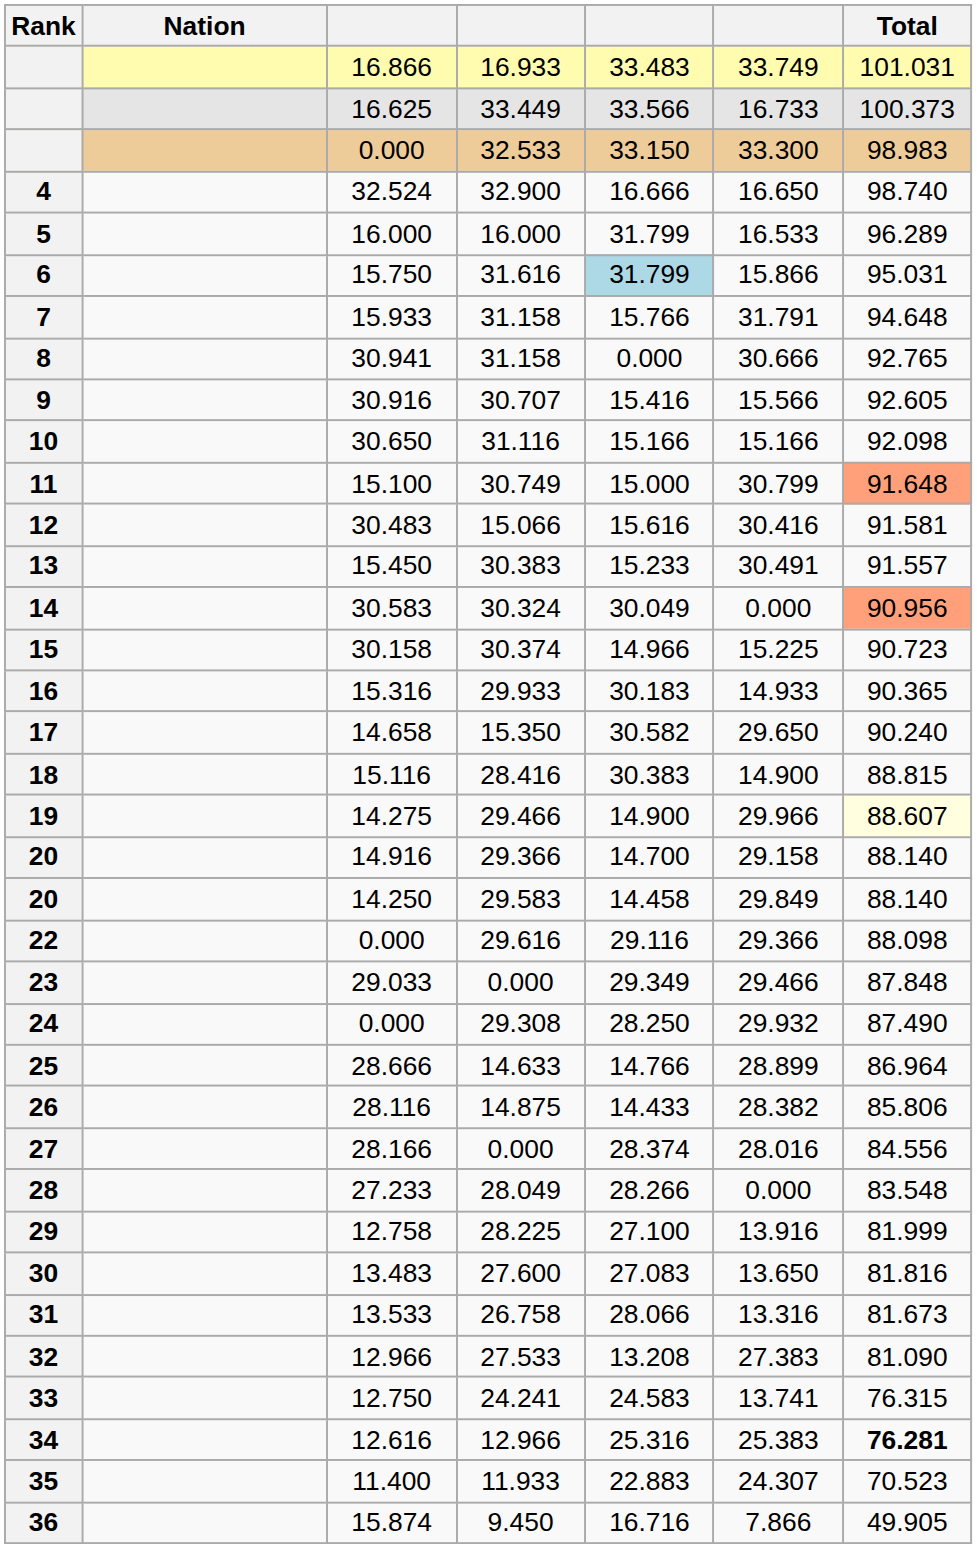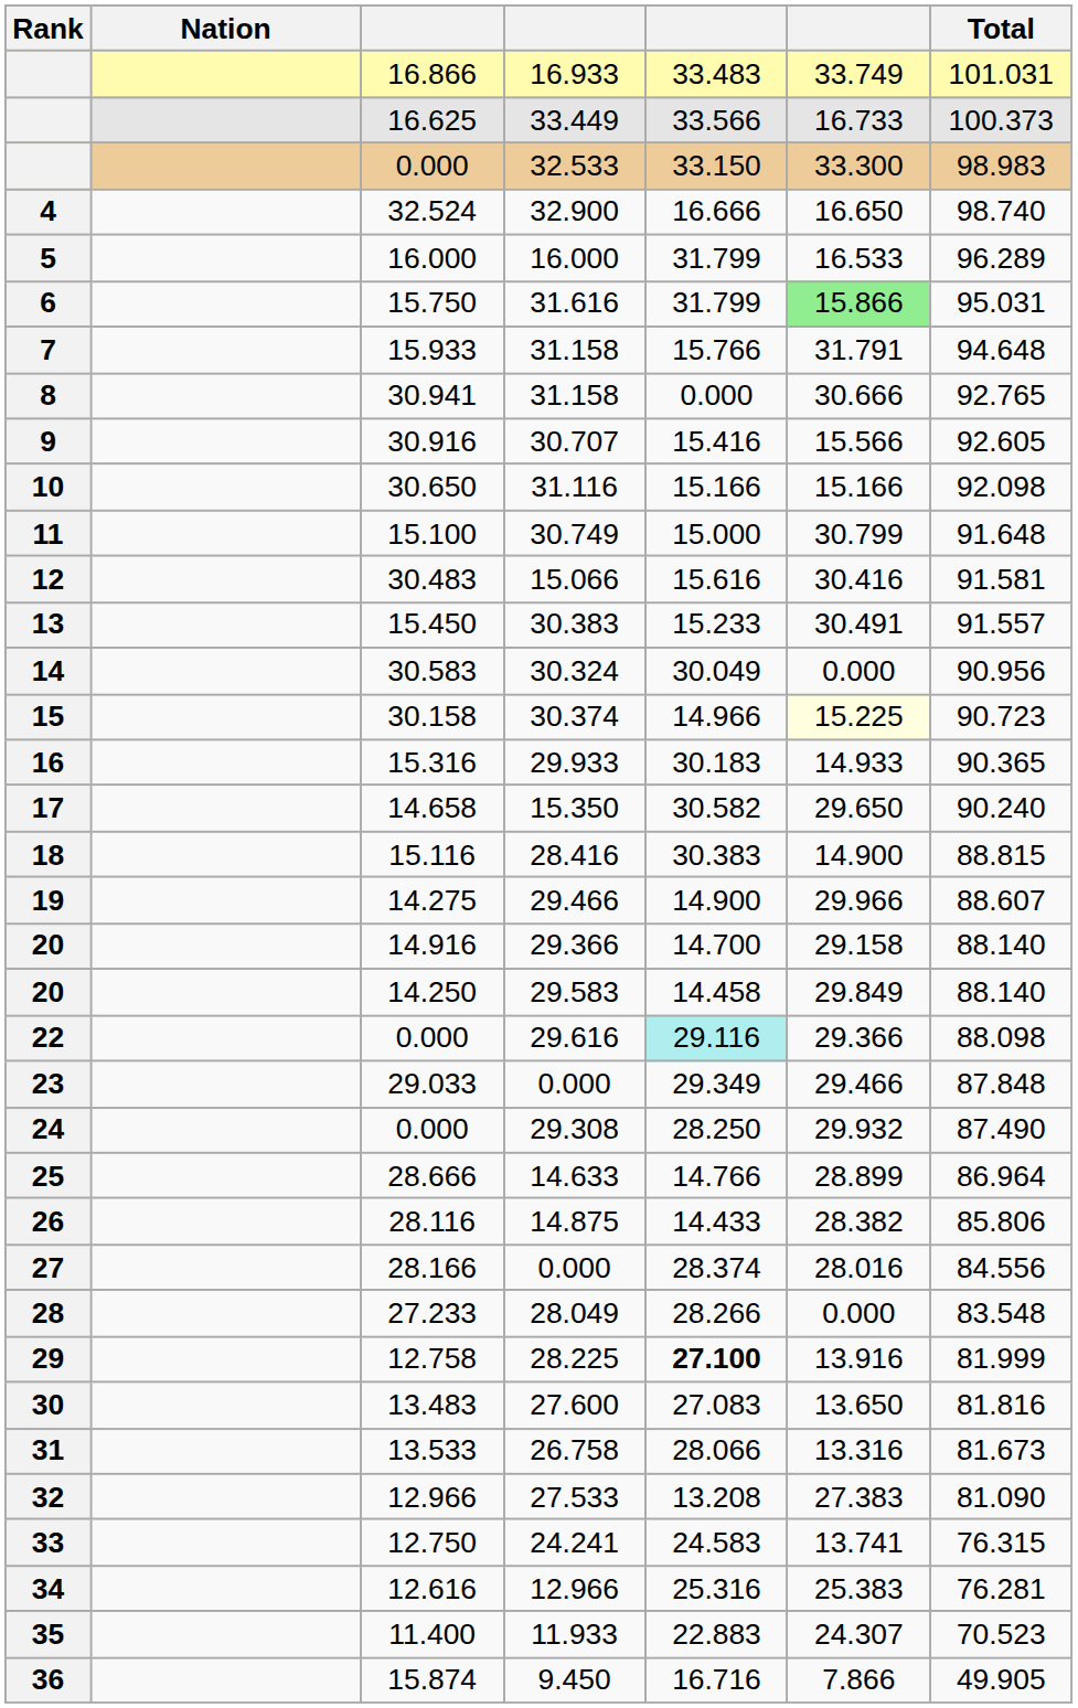 <table class="wikitable sortable" style="text-align:center; font-size:85%">
 <tr>
 <th scope="col" style="width:20px;">Rank</th>
 <th ! scope="col" style="width:120px;">Nation</th>
 <th ! scope="col" style="width:60px;"></th>
 <th ! scope="col" style="width:60px;"></th>
 <th ! scope="col" style="width:60px;"></th>
 <th ! scope="col" style="width:60px;"></th>
 <th ! scope="col" style="width:60px;">Total</th>
 </tr>
 <tr bgcolor=fffcaf>
 <th scope=row></th>
 <td align=left></td>
 <td>16.866</td>
 <td>16.933</td>
 <td>33.483</td>
 <td>33.749</td>
 <td>101.031</td>
 </tr>
 <tr bgcolor=e5e5e5>
 <th scope=row></th>
 <td align=left></td>
 <td>16.625</td>
 <td>33.449</td>
 <td>33.566</td>
 <td>16.733</td>
 <td>100.373</td>
 </tr>
 <tr bgcolor=eecc99>
 <th scope=row></th>
 <td align=left></td>
 <td>0.000</td>
 <td>32.533</td>
 <td>33.150</td>
 <td>33.300</td>
 <td>98.983</td>
 </tr>
 <tr>
 <th scope=row>4</th>
 <td align=left></td>
 <td>32.524</td>
 <td>32.900</td>
 <td>16.666</td>
 <td>16.650</td>
 <td>98.740</td>
 </tr>
 <tr>
 <th scope=row>5</th>
 <td align=left></td>
 <td>16.000</td>
 <td>16.000</td>
 <td>31.799</td>
 <td>16.533</td>
 <td>96.289</td>
 </tr>
 <tr>
 <th scope=row>6</th>
 <td align=left></td>
 <td>15.750</td>
 <td>31.616</td>
-<td style="background: lightblue;">31.799</td>
-<td>15.866</td>
+<td>31.799</td>
+<td style="background: lightgreen;">15.866</td>
 <td>95.031</td>
 </tr>
 <tr>
 <th scope=row>7</th>
 <td align=left></td>
 <td>15.933</td>
 <td>31.158</td>
 <td>15.766</td>
 <td>31.791</td>
 <td>94.648</td>
 </tr>
 <tr>
 <th scope=row>8</th>
 <td align=left></td>
 <td>30.941</td>
 <td>31.158</td>
 <td>0.000</td>
 <td>30.666</td>
 <td>92.765</td>
 </tr>
 <tr>
 <th scope=row>9</th>
 <td align=left></td>
 <td>30.916</td>
 <td>30.707</td>
 <td>15.416</td>
 <td>15.566</td>
 <td>92.605</td>
 </tr>
 <tr>
 <th scope=row>10</th>
 <td align=left></td>
 <td>30.650</td>
 <td>31.116</td>
 <td>15.166</td>
 <td>15.166</td>
 <td>92.098</td>
 </tr>
 <tr>
 <th scope=row>11</th>
 <td align=left></td>
 <td>15.100</td>
 <td>30.749</td>
 <td>15.000</td>
 <td>30.799</td>
-<td style="background: lightsalmon;">91.648</td>
+<td>91.648</td>
 </tr>
 <tr>
 <th scope=row>12</th>
 <td align=left></td>
 <td>30.483</td>
 <td>15.066</td>
 <td>15.616</td>
 <td>30.416</td>
 <td>91.581</td>
 </tr>
 <tr>
 <th scope=row>13</th>
 <td align=left></td>
 <td>15.450</td>
 <td>30.383</td>
 <td>15.233</td>
 <td>30.491</td>
 <td>91.557</td>
 </tr>
 <tr>
 <th scope=row>14</th>
 <td align=left></td>
 <td>30.583</td>
 <td>30.324</td>
 <td>30.049</td>
 <td>0.000</td>
-<td style="background: lightsalmon;">90.956</td>
+<td>90.956</td>
 </tr>
 <tr>
 <th scope=row>15</th>
 <td align=left></td>
 <td>30.158</td>
 <td>30.374</td>
 <td>14.966</td>
-<td>15.225</td>
+<td style="background: lightyellow;">15.225</td>
 <td>90.723</td>
 </tr>
 <tr>
 <th scope=row>16</th>
 <td align=left></td>
 <td>15.316</td>
 <td>29.933</td>
 <td>30.183</td>
 <td>14.933</td>
 <td>90.365</td>
 </tr>
 <tr>
 <th scope=row>17</th>
 <td align=left></td>
 <td>14.658</td>
 <td>15.350</td>
 <td>30.582</td>
 <td>29.650</td>
 <td>90.240</td>
 </tr>
 <tr>
 <th scope=row>18</th>
 <td align=left></td>
 <td>15.116</td>
 <td>28.416</td>
 <td>30.383</td>
 <td>14.900</td>
 <td>88.815</td>
 </tr>
 <tr>
 <th scope=row>19</th>
 <td align=left></td>
 <td>14.275</td>
 <td>29.466</td>
 <td>14.900</td>
 <td>29.966</td>
-<td style="background: lightyellow;">88.607</td>
+<td>88.607</td>
 </tr>
 <tr>
 <th scope=row>20</th>
 <td align=left></td>
 <td>14.916</td>
 <td>29.366</td>
 <td>14.700</td>
 <td>29.158</td>
 <td>88.140</td>
 </tr>
 <tr>
 <th scope=row>20</th>
 <td align=left></td>
 <td>14.250</td>
 <td>29.583</td>
 <td>14.458</td>
 <td>29.849</td>
 <td>88.140</td>
 </tr>
 <tr>
 <th scope=row>22</th>
 <td align=left></td>
 <td>0.000</td>
 <td>29.616</td>
-<td>29.116</td>
+<td style="background: paleturquoise;">29.116</td>
 <td>29.366</td>
 <td>88.098</td>
 </tr>
 <tr>
 <th scope=row>23</th>
 <td align=left></td>
 <td>29.033</td>
 <td>0.000</td>
 <td>29.349</td>
 <td>29.466</td>
 <td>87.848</td>
 </tr>
 <tr>
 <th scope=row>24</th>
 <td align=left></td>
 <td>0.000</td>
 <td>29.308</td>
 <td>28.250</td>
 <td>29.932</td>
 <td>87.490</td>
 </tr>
 <tr>
 <th scope=row>25</th>
 <td align=left></td>
 <td>28.666</td>
 <td>14.633</td>
 <td>14.766</td>
 <td>28.899</td>
 <td>86.964</td>
 </tr>
 <tr>
 <th scope=row>26</th>
 <td align=left></td>
 <td>28.116</td>
 <td>14.875</td>
 <td>14.433</td>
 <td>28.382</td>
 <td>85.806</td>
 </tr>
 <tr>
 <th scope=row>27</th>
 <td align=left></td>
 <td>28.166</td>
 <td>0.000</td>
 <td>28.374</td>
 <td>28.016</td>
 <td>84.556</td>
 </tr>
 <tr>
 <th scope=row>28</th>
 <td align=left></td>
 <td>27.233</td>
 <td>28.049</td>
 <td>28.266</td>
 <td>0.000</td>
 <td>83.548</td>
 </tr>
 <tr>
 <th scope=row>29</th>
 <td align=left></td>
 <td>12.758</td>
 <td>28.225</td>
-<td>27.100</td>
+<td><strong>27.100</strong></td>
 <td>13.916</td>
 <td>81.999</td>
 </tr>
 <tr>
 <th scope=row>30</th>
 <td align=left></td>
 <td>13.483</td>
 <td>27.600</td>
 <td>27.083</td>
 <td>13.650</td>
 <td>81.816</td>
 </tr>
 <tr>
 <th scope=row>31</th>
 <td align=left></td>
 <td>13.533</td>
 <td>26.758</td>
 <td>28.066</td>
 <td>13.316</td>
 <td>81.673</td>
 </tr>
 <tr>
 <th scope=row>32</th>
 <td align=left></td>
 <td>12.966</td>
 <td>27.533</td>
 <td>13.208</td>
 <td>27.383</td>
 <td>81.090</td>
 </tr>
 <tr>
 <th scope=row>33</th>
 <td align=left></td>
 <td>12.750</td>
 <td>24.241</td>
 <td>24.583</td>
 <td>13.741</td>
 <td>76.315</td>
 </tr>
 <tr>
 <th scope=row>34</th>
 <td align=left></td>
 <td>12.616</td>
 <td>12.966</td>
 <td>25.316</td>
 <td>25.383</td>
-<td><strong>76.281</strong></td>
+<td>76.281</td>
 </tr>
 <tr>
 <th scope=row>35</th>
 <td align=left></td>
 <td>11.400</td>
 <td>11.933</td>
 <td>22.883</td>
 <td>24.307</td>
 <td>70.523</td>
 </tr>
 <tr>
 <th scope=row>36</th>
 <td align=left></td>
 <td>15.874</td>
 <td>9.450</td>
 <td>16.716</td>
 <td>7.866</td>
 <td>49.905</td>
 </tr>
 <tr>
 </tr>
 </table>
